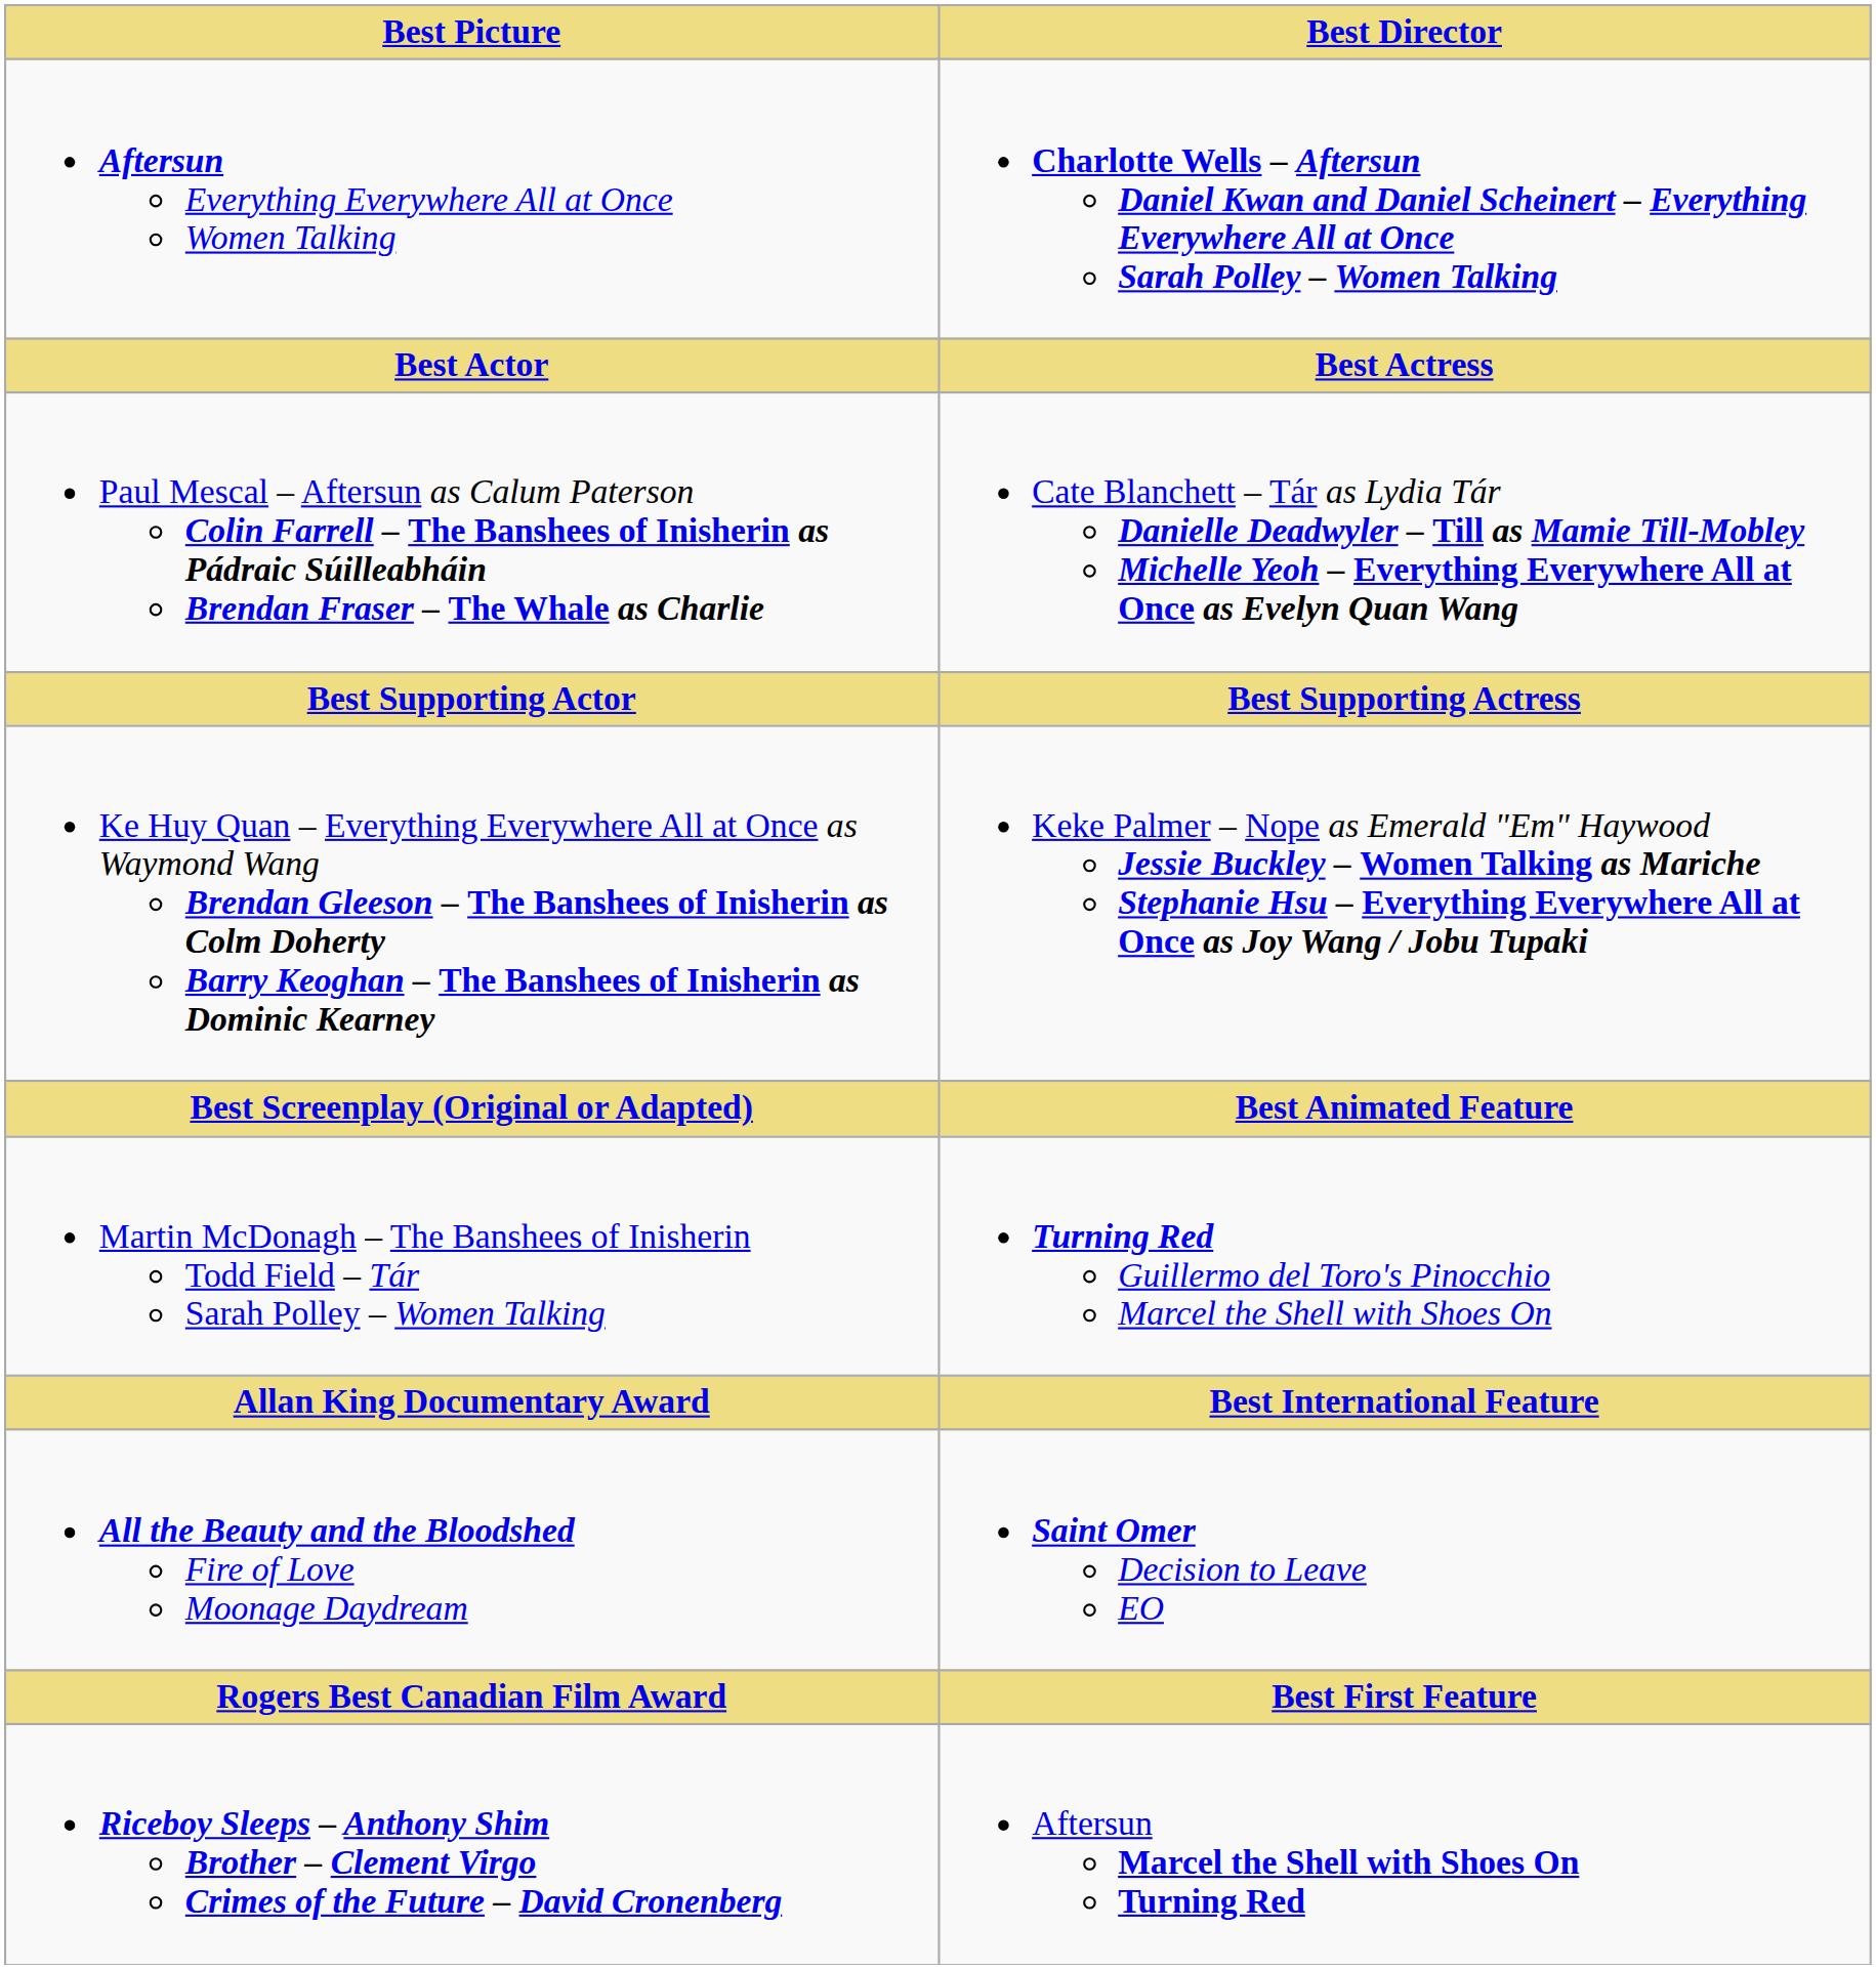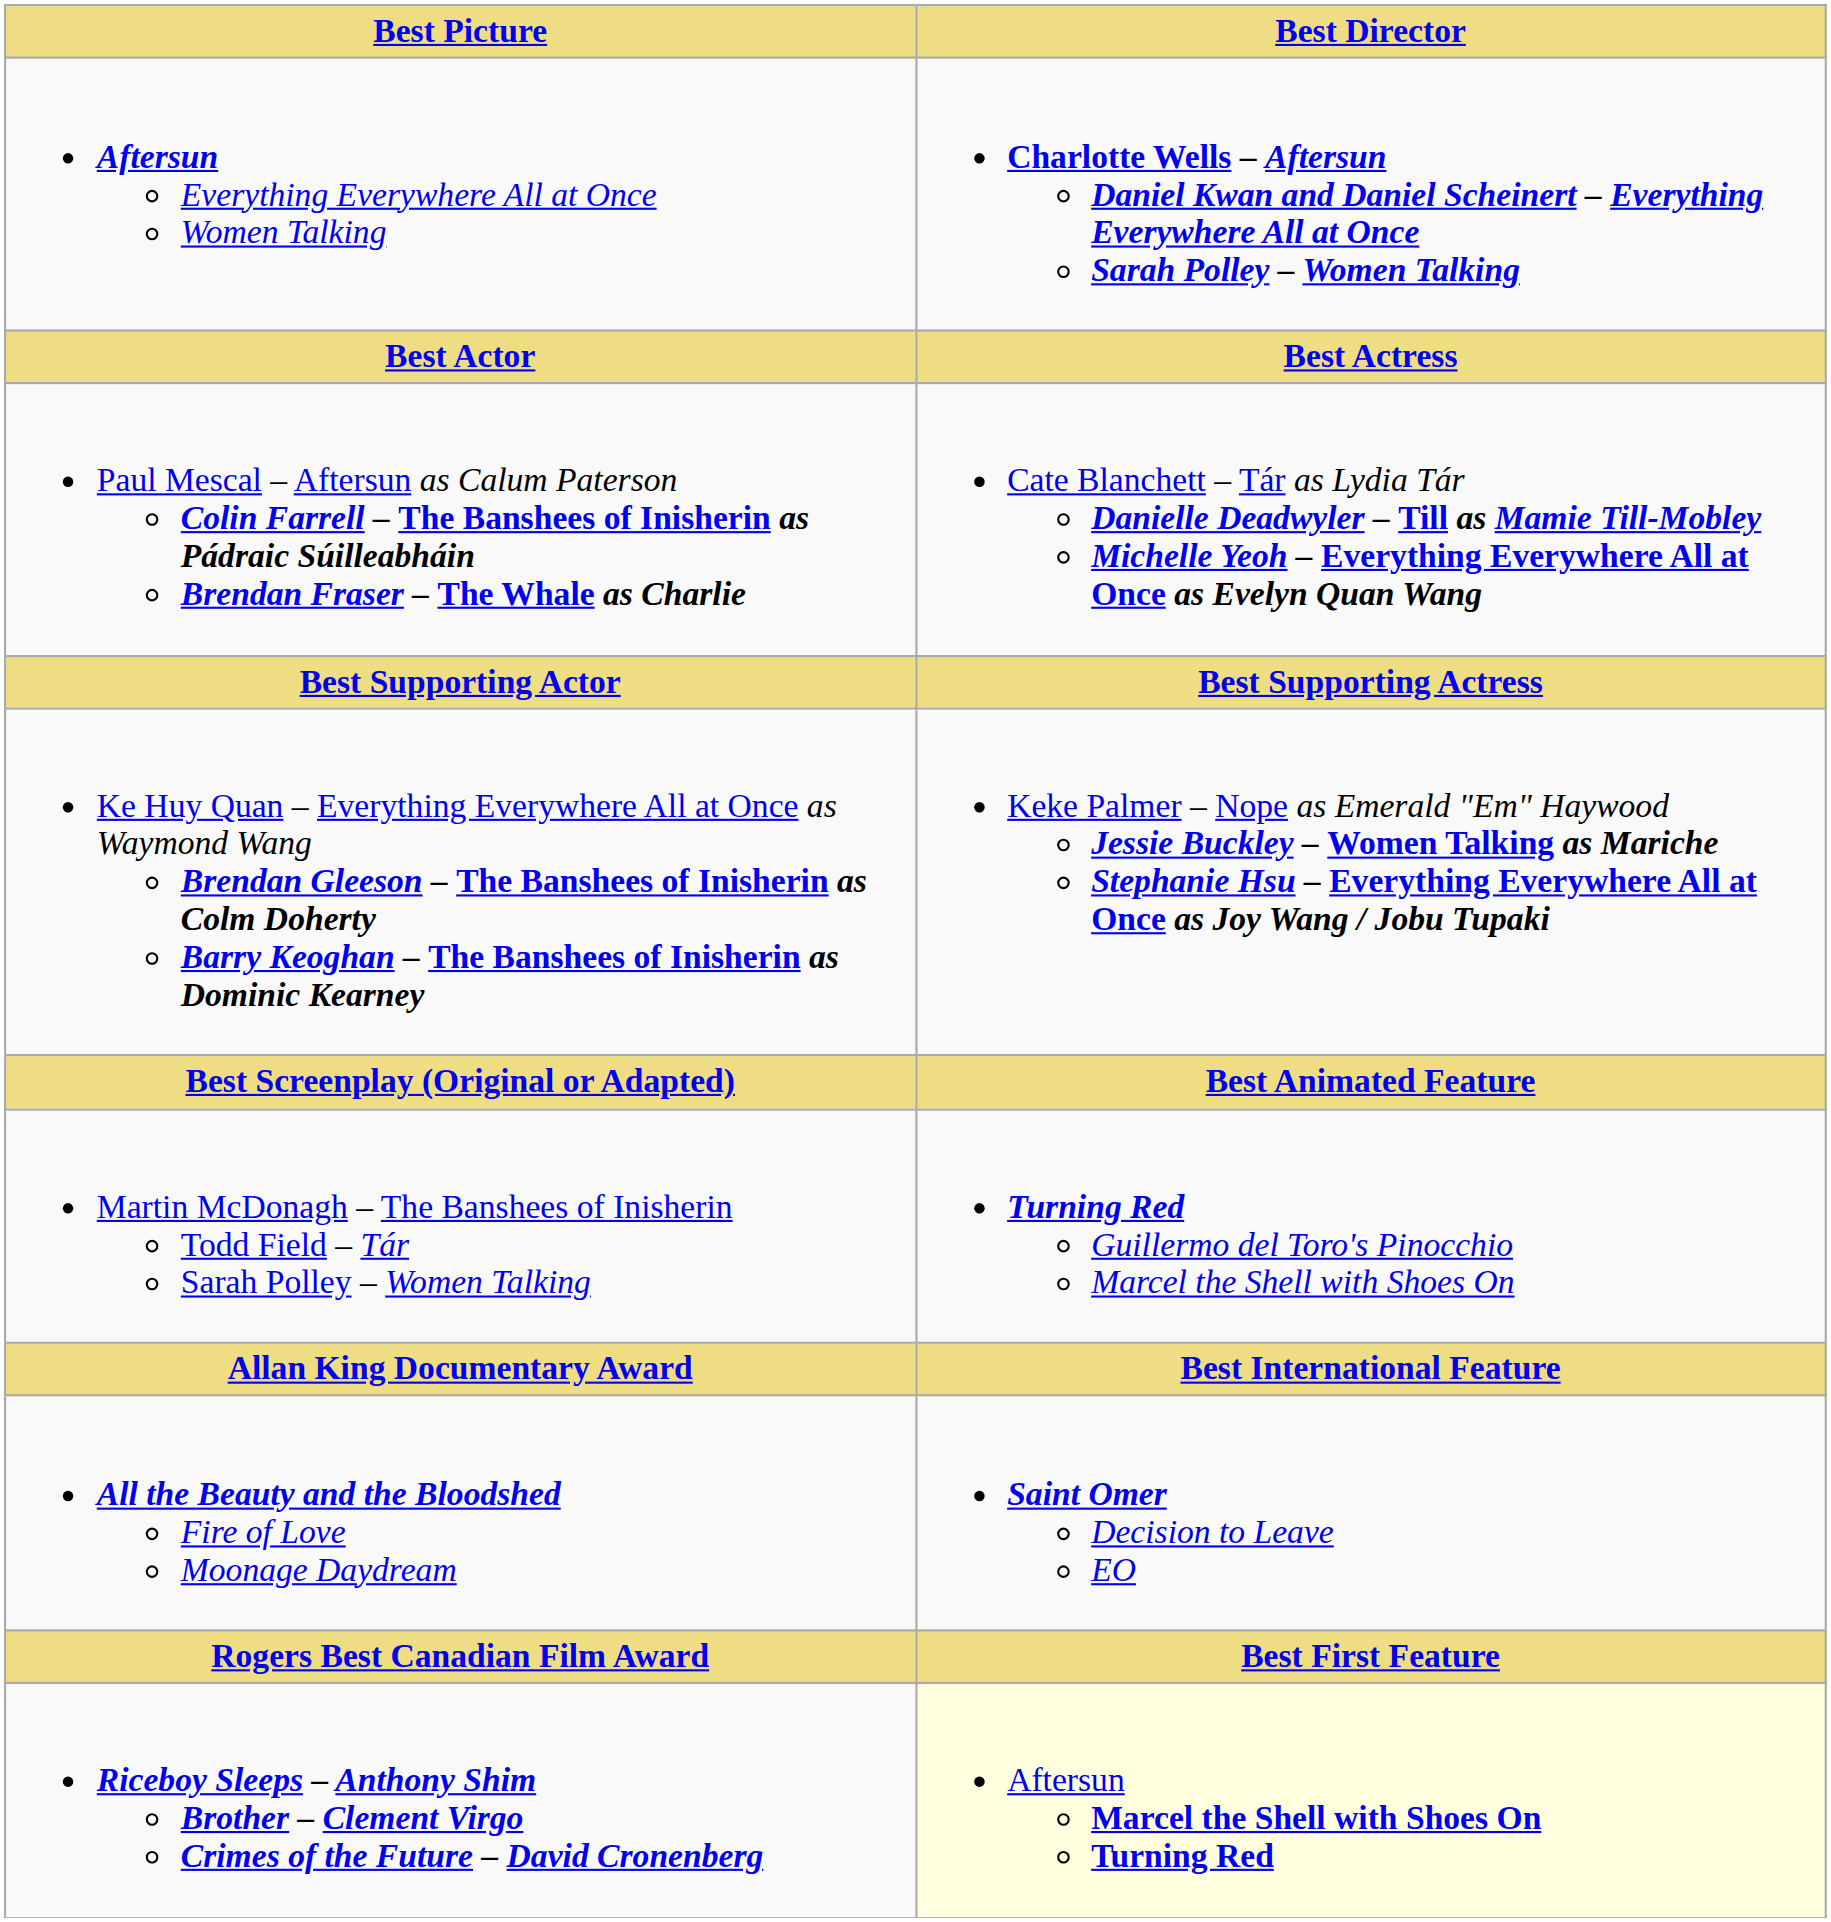 <table class="wikitable">
 <tr>
 <th style="background:#EEDD82; width:50%"><a href='#'>Best Picture</a></th>
 <th style="background:#EEDD82; width:50%"><a href='#'>Best Director</a></th>
 </tr>
 <tr>
 <td valign="top"><br><ul><li><strong><em><a href='#'>Aftersun</a></em></strong><ul><li><em><a href='#'>Everything Everywhere All at Once</a></em></li><li><em><a href='#'>Women Talking</a></em></li></ul></li></ul></td>
 <td valign="top"><br><ul><li><strong><a href='#'>Charlotte Wells</a> – <em><a href='#'>Aftersun</a><strong><em><ul><li><a href='#'>Daniel Kwan and Daniel Scheinert</a> – </em><a href='#'>Everything Everywhere All at Once</a><em></li><li><a href='#'>Sarah Polley</a> – </em><a href='#'>Women Talking</a><em></li></ul></li></ul></td>
 </tr>
 <tr>
 <th style="background:#EEDD82; width:50%"><a href='#'>Best Actor</a></th>
 <th style="background:#EEDD82; width:50%"><a href='#'>Best Actress</a></th>
 </tr>
 <tr>
 <td valign="top"><br><ul><li></strong><a href='#'>Paul Mescal</a> – </em><a href='#'>Aftersun</a><em> as Calum Paterson<strong><ul><li><a href='#'>Colin Farrell</a> – </em><a href='#'>The Banshees of Inisherin</a><em> as Pádraic Súilleabháin</li><li><a href='#'>Brendan Fraser</a> – </em><a href='#'>The Whale</a><em> as Charlie</li></ul></li></ul></td>
 <td valign="top"><br><ul><li></strong><a href='#'>Cate Blanchett</a> – </em><a href='#'>Tár</a><em> as Lydia Tár<strong><ul><li><a href='#'>Danielle Deadwyler</a> – </em><a href='#'>Till</a><em> as <a href='#'>Mamie Till-Mobley</a></li><li><a href='#'>Michelle Yeoh</a> – </em><a href='#'>Everything Everywhere All at Once</a><em> as Evelyn Quan Wang</li></ul></li></ul></td>
 </tr>
 <tr>
 <th style="background:#EEDD82; width:50%"><a href='#'>Best Supporting Actor</a></th>
 <th style="background:#EEDD82; width:50%"><a href='#'>Best Supporting Actress</a></th>
 </tr>
 <tr>
 <td valign="top"><br><ul><li></strong><a href='#'>Ke Huy Quan</a> – </em><a href='#'>Everything Everywhere All at Once</a><em> as Waymond Wang<strong><ul><li><a href='#'>Brendan Gleeson</a> – </em><a href='#'>The Banshees of Inisherin</a><em> as Colm Doherty</li><li><a href='#'>Barry Keoghan</a> – </em><a href='#'>The Banshees of Inisherin</a><em> as Dominic Kearney</li></ul></li></ul></td>
 <td valign="top"><br><ul><li></strong><a href='#'>Keke Palmer</a> – </em><a href='#'>Nope</a><em> as Emerald "Em" Haywood<strong><ul><li><a href='#'>Jessie Buckley</a> – </em><a href='#'>Women Talking</a><em> as Mariche</li><li><a href='#'>Stephanie Hsu</a> – </em><a href='#'>Everything Everywhere All at Once</a><em> as Joy Wang / Jobu Tupaki</li></ul></li></ul></td>
 </tr>
 <tr>
 <th style="background:#EEDD82; width:50%"><a href='#'>Best Screenplay (Original or Adapted)</a></th>
 <th style="background:#EEDD82; width:50%"><a href='#'>Best Animated Feature</a></th>
 </tr>
 <tr>
 <td valign="top"><br><ul><li></strong><a href='#'>Martin McDonagh</a> – </em><a href='#'>The Banshees of Inisherin</a></em></strong><ul><li><a href='#'>Todd Field</a> – <em><a href='#'>Tár</a></em></li><li><a href='#'>Sarah Polley</a> – <em><a href='#'>Women Talking</a></em></li></ul></li></ul></td>
 <td valign="top"><br><ul><li><strong><em><a href='#'>Turning Red</a></em></strong><ul><li><em><a href='#'>Guillermo del Toro's Pinocchio</a></em></li><li><em><a href='#'>Marcel the Shell with Shoes On</a></em></li></ul></li></ul></td>
 </tr>
 <tr>
 <th style="background:#EEDD82; width:50%"><a href='#'>Allan King Documentary Award</a></th>
 <th style="background:#EEDD82; width:50%"><a href='#'>Best International Feature</a></th>
 </tr>
 <tr>
 <td valign="top"><br><ul><li><strong><em><a href='#'>All the Beauty and the Bloodshed</a></em></strong><ul><li><em><a href='#'>Fire of Love</a></em></li><li><em><a href='#'>Moonage Daydream</a></em></li></ul></li></ul></td>
 <td valign="top"><br><ul><li><strong><em><a href='#'>Saint Omer</a></em></strong><ul><li><em><a href='#'>Decision to Leave</a></em></li><li><em><a href='#'>EO</a></em></li></ul></li></ul></td>
 </tr>
 <tr>
 <th style="background:#EEDD82; width:50%"><a href='#'>Rogers Best Canadian Film Award</a></th>
 <th style="background:#EEDD82; width:50%"><a href='#'>Best First Feature</a></th>
 </tr>
 <tr>
 <td valign="top"><br><ul><li><strong><em><a href='#'>Riceboy Sleeps</a><em> – <a href='#'>Anthony Shim</a><strong><ul><li></em><a href='#'>Brother</a><em> – <a href='#'>Clement Virgo</a></li><li></em><a href='#'>Crimes of the Future</a><em> – <a href='#'>David Cronenberg</a></li></ul></li></ul></td>
-<td valign="top"><br><ul><li></em></strong><a href='#'>Aftersun</a><strong><em><ul><li></em><a href='#'>Marcel the Shell with Shoes On</a><em></li><li></em><a href='#'>Turning Red</a><em></li></ul></li></ul></td>
+<td valign="top" style="background: lightyellow;"><br><ul><li></em></strong><a href='#'>Aftersun</a><strong><em><ul><li></em><a href='#'>Marcel the Shell with Shoes On</a><em></li><li></em><a href='#'>Turning Red</a><em></li></ul></li></ul></td>
 </tr>
 </table>
